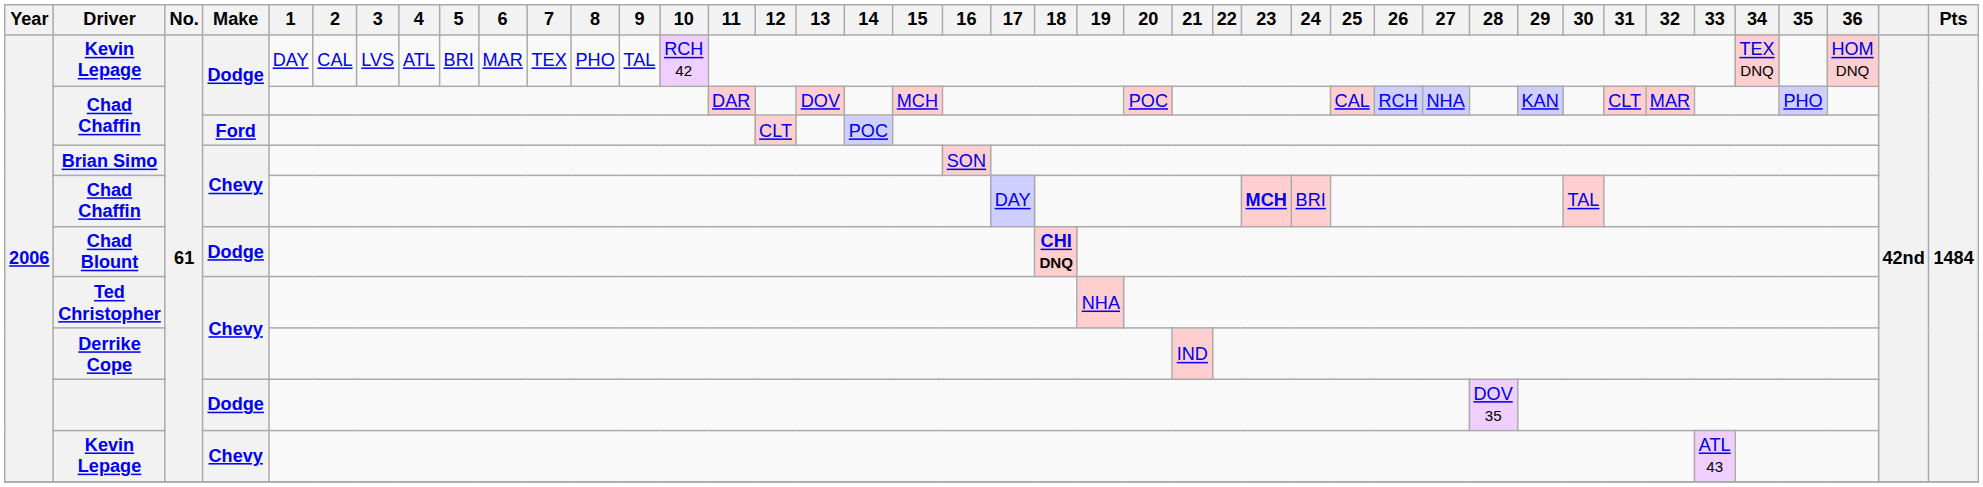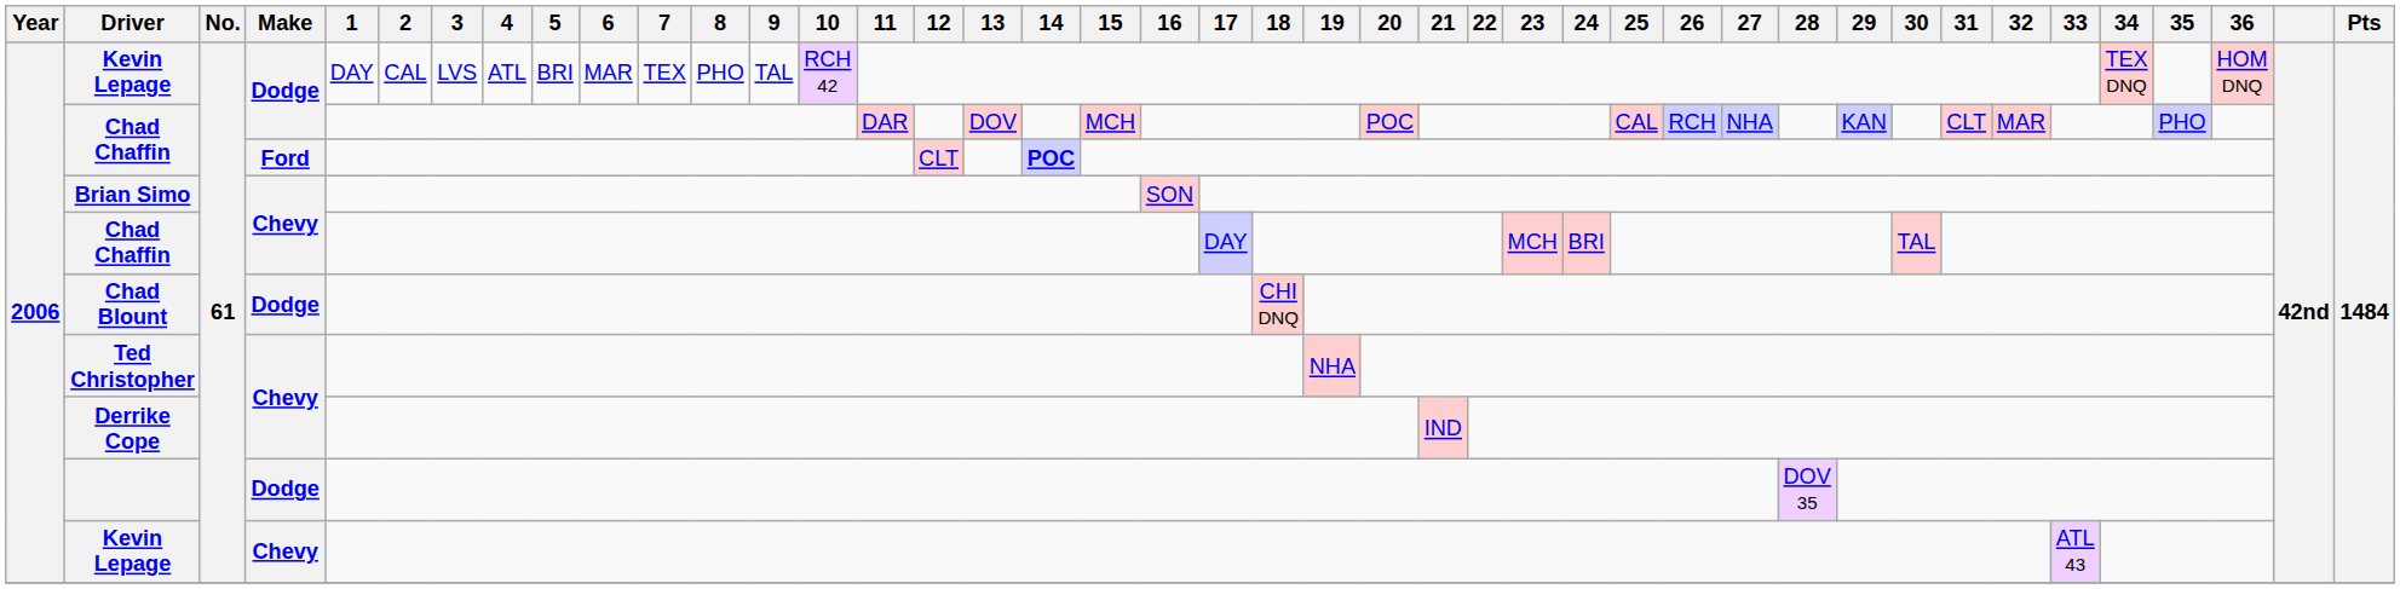 <table class="wikitable" style="text-align:center; font-size:75%">
 <tr>
 <th>Year</th>
 <th>Driver</th>
 <th>No.</th>
 <th>Make</th>
 <th>1</th>
 <th>2</th>
 <th>3</th>
 <th>4</th>
 <th>5</th>
 <th>6</th>
 <th>7</th>
 <th>8</th>
 <th>9</th>
 <th>10</th>
 <th>11</th>
 <th>12</th>
 <th>13</th>
 <th>14</th>
 <th>15</th>
 <th>16</th>
 <th>17</th>
 <th>18</th>
 <th>19</th>
 <th>20</th>
 <th>21</th>
 <th>22</th>
 <th>23</th>
 <th>24</th>
 <th>25</th>
 <th>26</th>
 <th>27</th>
 <th>28</th>
 <th>29</th>
 <th>30</th>
 <th>31</th>
 <th>32</th>
 <th>33</th>
 <th>34</th>
 <th>35</th>
 <th>36</th>
 <th></th>
 <th>Pts</th>
 </tr>
 <tr>
 <th rowspan=10><a href='#'>2006</a></th>
 <th><a href='#'>Kevin Lepage</a></th>
 <th rowspan=10>61</th>
 <th rowspan=2><a href='#'>Dodge</a></th>
 <td><a href='#'>DAY</a></td>
 <td><a href='#'>CAL</a></td>
 <td><a href='#'>LVS</a></td>
 <td><a href='#'>ATL</a></td>
 <td><a href='#'>BRI</a></td>
 <td><a href='#'>MAR</a></td>
 <td><a href='#'>TEX</a></td>
 <td><a href='#'>PHO</a></td>
 <td><a href='#'>TAL</a></td>
 <td style="background:#EFCFFF;"><a href='#'>RCH</a><br><small>42</small></td>
 <td colspan=23></td>
 <td style="background:#FFCFCF;"><a href='#'>TEX</a><br><small>DNQ</small></td>
 <td></td>
 <td style="background:#FFCFCF;"><a href='#'>HOM</a><br><small>DNQ</small></td>
 <th rowspan=10>42nd</th>
 <th rowspan=10>1484</th>
 </tr>
 <tr>
 <th rowspan=2><a href='#'>Chad Chaffin</a></th>
 <td colspan=10></td>
 <td style="background:#FFCFCF;"><a href='#'>DAR</a><br></td>
 <td></td>
 <td style="background:#FFCFCF;"><a href='#'>DOV</a><br></td>
 <td></td>
 <td style="background:#FFCFCF;"><a href='#'>MCH</a><br></td>
 <td colspan=4></td>
 <td style="background:#FFCFCF;"><a href='#'>POC</a><br></td>
 <td colspan=4></td>
 <td style="background:#FFCFCF;"><a href='#'>CAL</a><br></td>
 <td style="background:#CFCFFF;"><a href='#'>RCH</a><br></td>
 <td style="background:#CFCFFF;"><a href='#'>NHA</a><br></td>
 <td></td>
 <td style="background:#CFCFFF;"><a href='#'>KAN</a><br></td>
 <td></td>
 <td style="background:#FFCFCF;"><a href='#'>CLT</a><br></td>
 <td style="background:#FFCFCF;"><a href='#'>MAR</a><br></td>
 <td colspan=2></td>
 <td style="background:#CFCFFF;"><a href='#'>PHO</a><br></td>
 <td></td>
 </tr>
 <tr>
 <th><a href='#'>Ford</a></th>
 <td colspan=11></td>
 <td style="background:#FFCFCF;"><a href='#'>CLT</a><br></td>
 <td></td>
-<td style="background:#CFCFFF;"><a href='#'>POC</a><br></td>
+<td style="background:#CFCFFF;"><strong><a href='#'>POC</a><br></strong></td>
 <td colspan=22></td>
 </tr>
 <tr>
 <th><a href='#'>Brian Simo</a></th>
 <th rowspan=2><a href='#'>Chevy</a></th>
 <td colspan=15></td>
 <td style="background:#FFCFCF;"><a href='#'>SON</a><br></td>
 <td colspan=20></td>
 </tr>
 <tr>
 <th><a href='#'>Chad Chaffin</a></th>
 <td colspan=16></td>
 <td style="background:#CFCFFF;"><a href='#'>DAY</a><br></td>
 <td colspan=5></td>
-<td style="background:#FFCFCF;"><strong><a href='#'>MCH</a><br></strong></td>
+<td style="background:#FFCFCF;"><a href='#'>MCH</a><br></td>
 <td style="background:#FFCFCF;"><a href='#'>BRI</a><br></td>
 <td colspan=5></td>
 <td style="background:#FFCFCF;"><a href='#'>TAL</a><br></td>
 <td colspan=6></td>
 </tr>
 <tr>
 <th><a href='#'>Chad Blount</a></th>
 <th><a href='#'>Dodge</a></th>
 <td colspan=17></td>
-<td style="background:#FFCFCF;"><strong><a href='#'>CHI</a><br><small>DNQ</small></strong></td>
+<td style="background:#FFCFCF;"><a href='#'>CHI</a><br><small>DNQ</small></td>
 <td colspan=18></td>
 </tr>
 <tr>
 <th><a href='#'>Ted Christopher</a></th>
 <th rowspan=2><a href='#'>Chevy</a></th>
 <td colspan=18></td>
 <td style="background:#FFCFCF;"><a href='#'>NHA</a><br></td>
 <td colspan=17></td>
 </tr>
 <tr>
 <th><a href='#'>Derrike Cope</a></th>
 <td colspan=20></td>
 <td style="background:#FFCFCF;"><a href='#'>IND</a><br></td>
 <td colspan=15></td>
 </tr>
 <tr>
 <th></th>
 <th><a href='#'>Dodge</a></th>
 <td colspan=27></td>
 <td style="background:#EFCFFF;"><a href='#'>DOV</a><br><small>35</small></td>
 <td colspan=8></td>
 </tr>
 <tr>
 <th><a href='#'>Kevin Lepage</a></th>
 <th><a href='#'>Chevy</a></th>
 <td colspan=32></td>
 <td style="background:#EFCFFF;"><a href='#'>ATL</a><br><small>43</small></td>
 <td colspan=3></td>
 </tr>
 <tr>
 </tr>
 </table>
